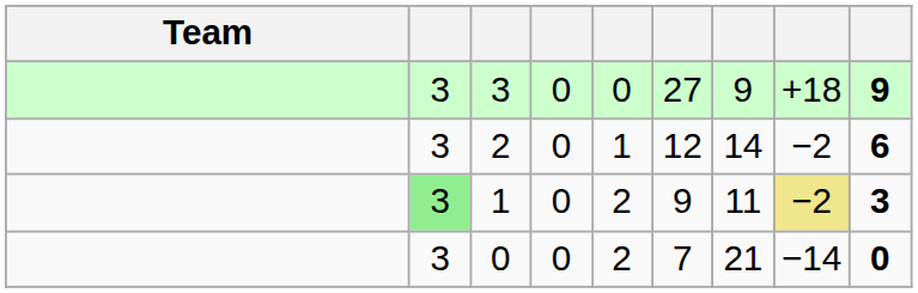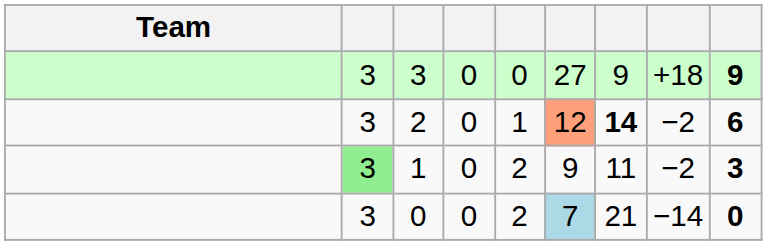 <table class="wikitable" style="text-align: center;">
 <tr>
 <th style="width:175px;">Team</th>
 <th width="20"></th>
 <th width="20"></th>
 <th width="20"></th>
 <th width="20"></th>
 <th width="20"></th>
 <th width="20"></th>
 <th width="20"></th>
 <th width="20"></th>
 </tr>
 <tr style="background:#cfc;">
 <td align=left></td>
 <td>3</td>
 <td>3</td>
 <td>0</td>
 <td>0</td>
 <td>27</td>
 <td>9</td>
 <td>+18</td>
 <td><strong>9</strong></td>
 </tr>
 <tr>
 <td align=left></td>
 <td>3</td>
 <td>2</td>
 <td>0</td>
 <td>1</td>
-<td>12</td>
-<td>14</td>
+<td style="background: lightsalmon;">12</td>
+<td><strong>14</strong></td>
 <td>−2</td>
 <td><strong>6</strong></td>
 </tr>
 <tr>
 <td align=left></td>
 <td style="background: lightgreen;">3</td>
 <td>1</td>
 <td>0</td>
 <td>2</td>
 <td>9</td>
 <td>11</td>
-<td style="background: khaki;">−2</td>
+<td>−2</td>
 <td><strong>3</strong></td>
 </tr>
 <tr>
 <td align=left></td>
 <td>3</td>
 <td>0</td>
 <td>0</td>
 <td>2</td>
-<td>7</td>
+<td style="background: lightblue;">7</td>
 <td>21</td>
 <td>−14</td>
 <td><strong>0</strong></td>
 </tr>
 </table>
